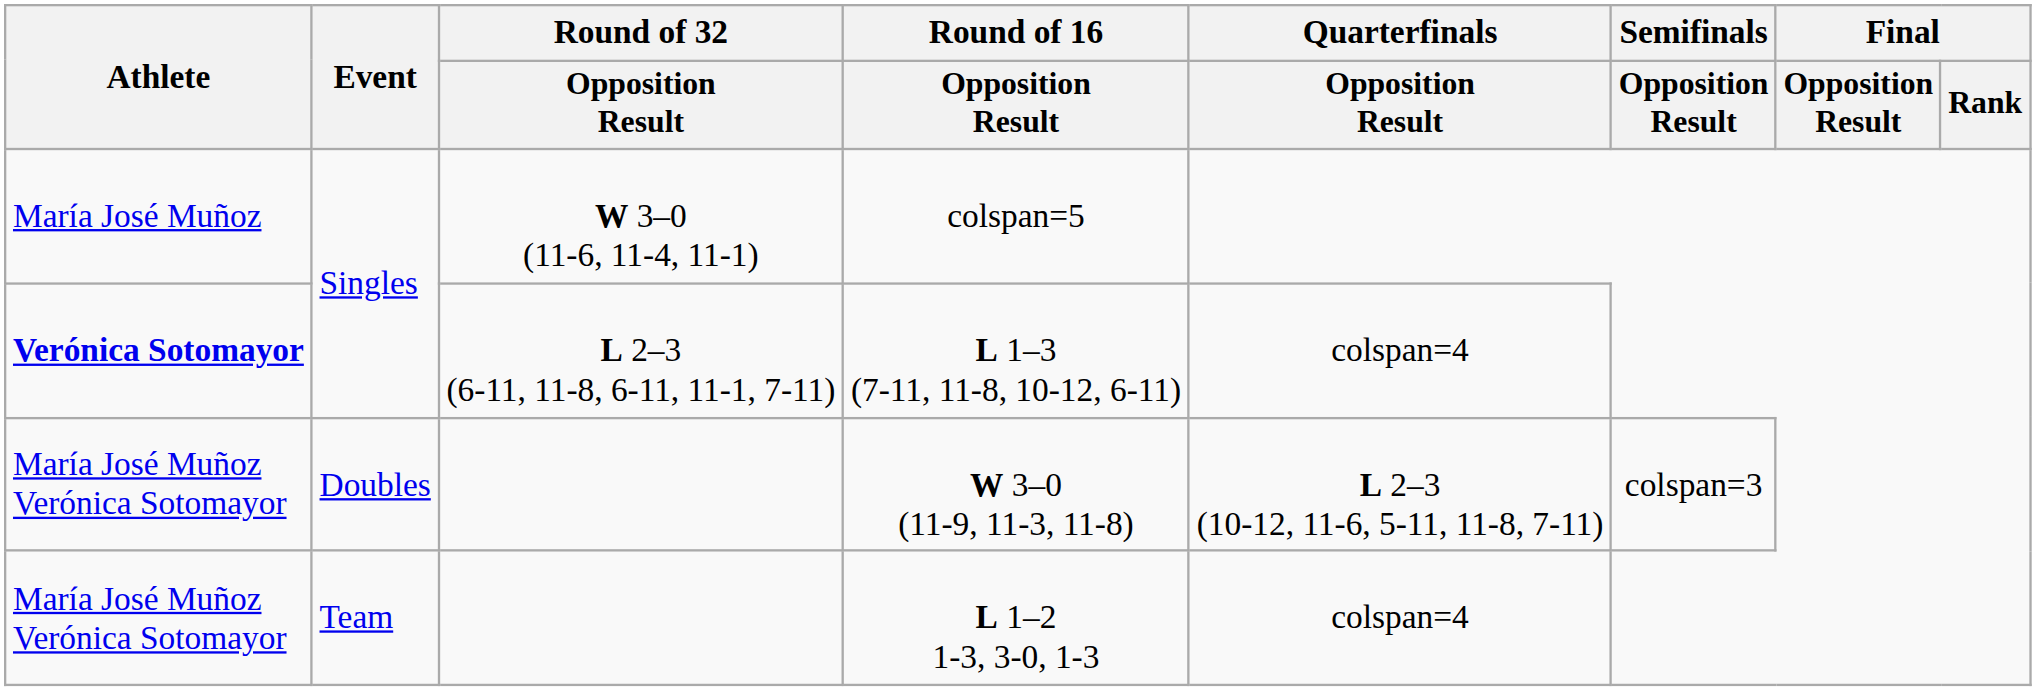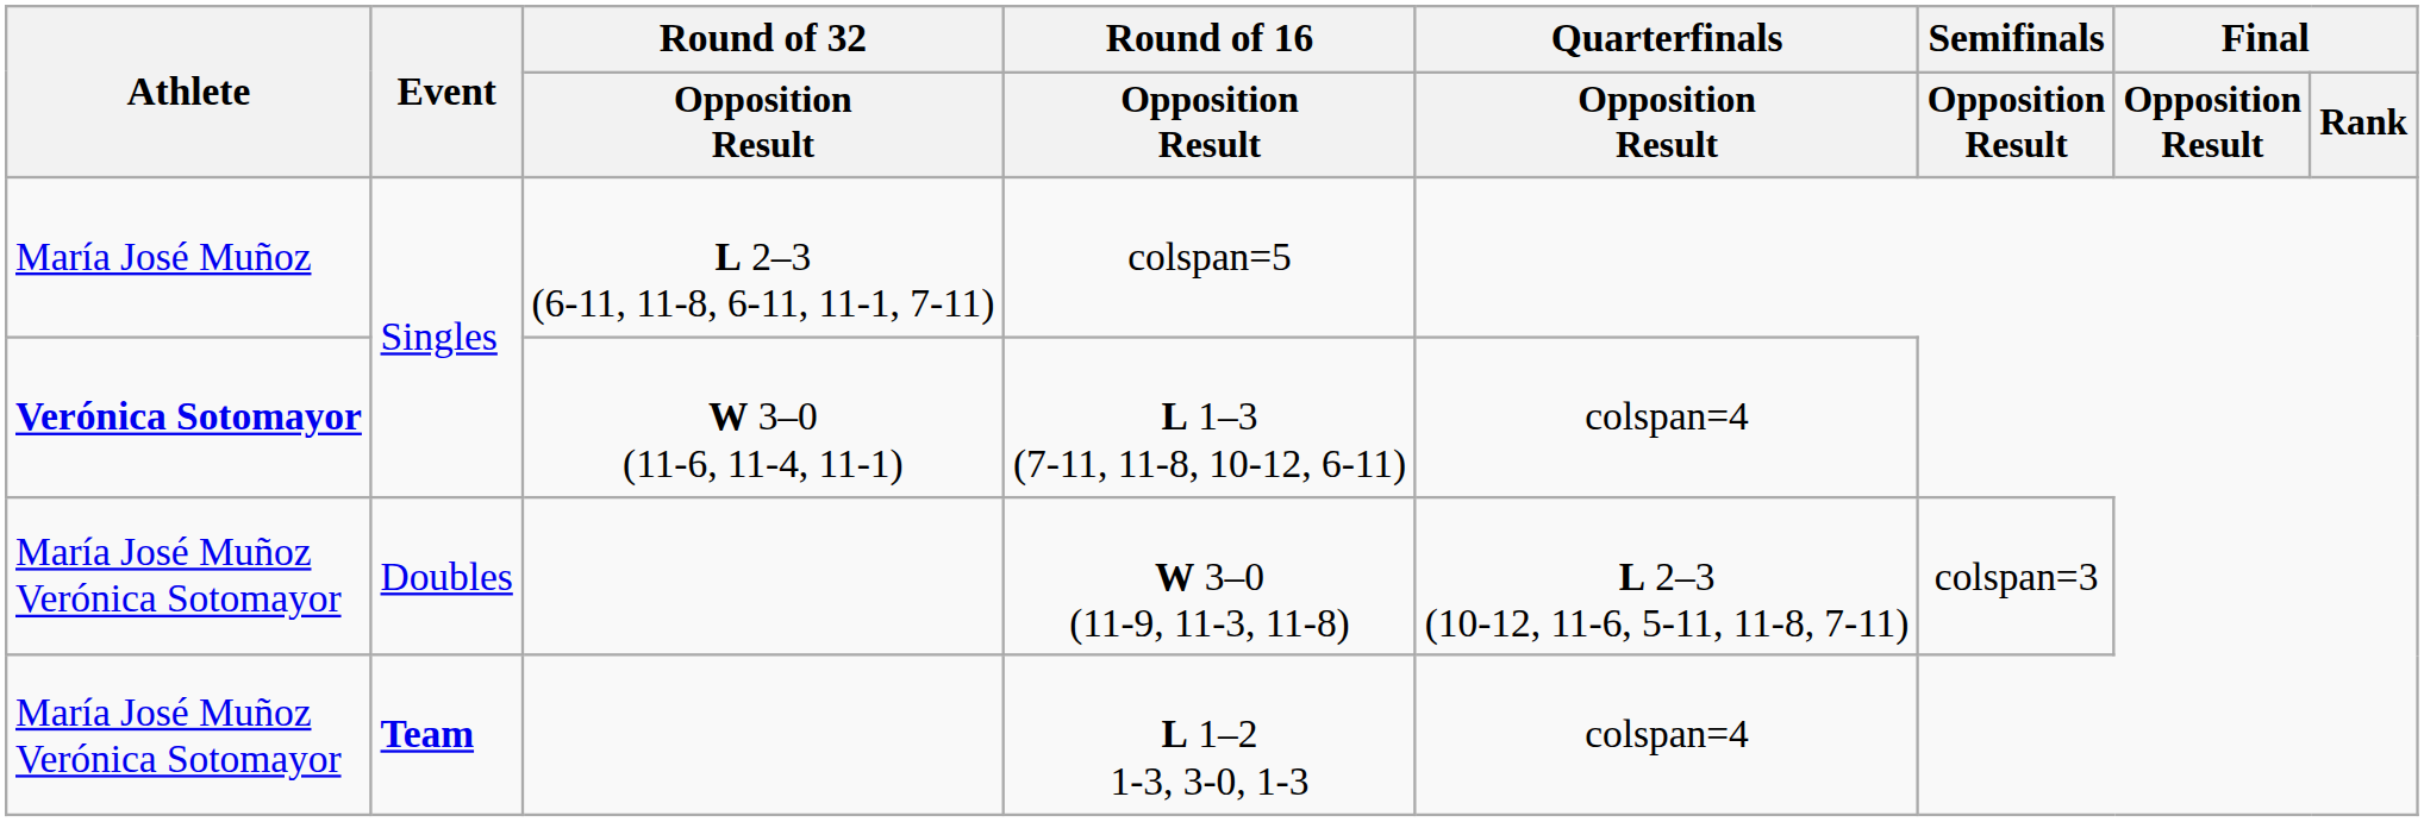 <table class=wikitable style=font-size:90%;text-align:center>
 <tr>
 <th rowspan=2>Athlete</th>
 <th rowspan=2>Event</th>
 <th>Round of 32</th>
 <th>Round of 16</th>
 <th>Quarterfinals</th>
 <th>Semifinals</th>
 <th colspan=2>Final</th>
 </tr>
 <tr style=font-size:95%>
 <th>Opposition<br>Result</th>
 <th>Opposition<br>Result</th>
 <th>Opposition<br>Result</th>
 <th>Opposition<br>Result</th>
 <th>Opposition<br>Result</th>
 <th>Rank</th>
 </tr>
 <tr align=center>
 <td align=left><a href='#'>María José Muñoz</a></td>
 <td align=left rowspan=2><a href='#'>Singles</a></td>
-<td><br><strong>W</strong> 3–0  <br> (11-6, 11-4, 11-1)</td>
+<td><br><strong>L</strong> 2–3  <br> (6-11, 11-8, 6-11, 11-1, 7-11)</td>
 <td>colspan=5 </td>
 </tr>
 <tr align=center>
 <td align=left><strong><a href='#'>Verónica Sotomayor</a></strong></td>
-<td><br><strong>L</strong> 2–3  <br> (6-11, 11-8, 6-11, 11-1, 7-11)</td>
+<td><br><strong>W</strong> 3–0  <br> (11-6, 11-4, 11-1)</td>
 <td><br><strong>L</strong> 1–3  <br> (7-11, 11-8, 10-12, 6-11)</td>
 <td>colspan=4 </td>
 </tr>
 <tr align=center>
 <td align=left><a href='#'>María José Muñoz</a> <br> <a href='#'>Verónica Sotomayor</a></td>
 <td align=left><a href='#'>Doubles</a></td>
 <td></td>
 <td><br><strong>W</strong> 3–0  <br>  (11-9, 11-3, 11-8)</td>
 <td><br><strong>L</strong> 2–3  <br> (10-12, 11-6, 5-11, 11-8, 7-11)</td>
 <td>colspan=3 </td>
 </tr>
 <tr align=center>
 <td align=left><a href='#'>María José Muñoz</a> <br> <a href='#'>Verónica Sotomayor</a></td>
-<td align=left><a href='#'>Team</a></td>
+<td align=left><strong><a href='#'>Team</a></strong></td>
 <td></td>
 <td><br><strong>L</strong> 1–2  <br> 1-3, 3-0, 1-3</td>
 <td>colspan=4 </td>
 </tr>
 </table>
